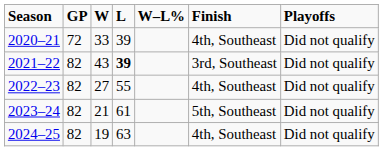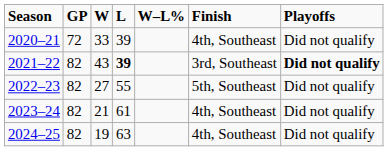 <table class="wikitable">
 <tr style="font-weight:bold; ">
 <td>Season</td>
 <td>GP</td>
 <td>W</td>
 <td>L</td>
 <td>W–L%</td>
 <td>Finish</td>
 <td>Playoffs</td>
 </tr>
 <tr>
 <td><a href='#'>2020–21</a></td>
 <td>72</td>
 <td>33</td>
 <td>39</td>
 <td></td>
 <td>4th, Southeast</td>
 <td>Did not qualify</td>
 </tr>
 <tr>
 <td><a href='#'>2021–22</a></td>
 <td>82</td>
 <td>43</td>
 <td><strong>39</strong></td>
 <td></td>
 <td>3rd, Southeast</td>
-<td>Did not qualify</td>
+<td><strong>Did not qualify</strong></td>
 </tr>
 <tr>
 <td><a href='#'>2022–23</a></td>
 <td>82</td>
 <td>27</td>
 <td>55</td>
 <td></td>
-<td>4th, Southeast</td>
+<td>5th, Southeast</td>
 <td>Did not qualify</td>
 </tr>
 <tr>
 <td><a href='#'>2023–24</a></td>
 <td>82</td>
 <td>21</td>
 <td>61</td>
 <td></td>
-<td>5th, Southeast</td>
+<td>4th, Southeast</td>
 <td>Did not qualify</td>
 </tr>
 <tr>
 <td><a href='#'>2024–25</a></td>
 <td>82</td>
 <td>19</td>
 <td>63</td>
 <td></td>
 <td>4th, Southeast</td>
 <td>Did not qualify</td>
 </tr>
 </table>
